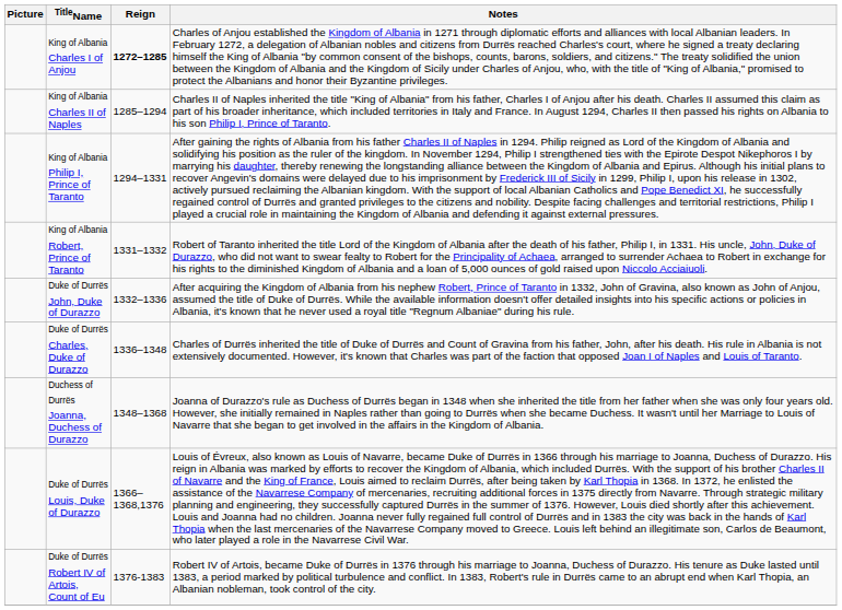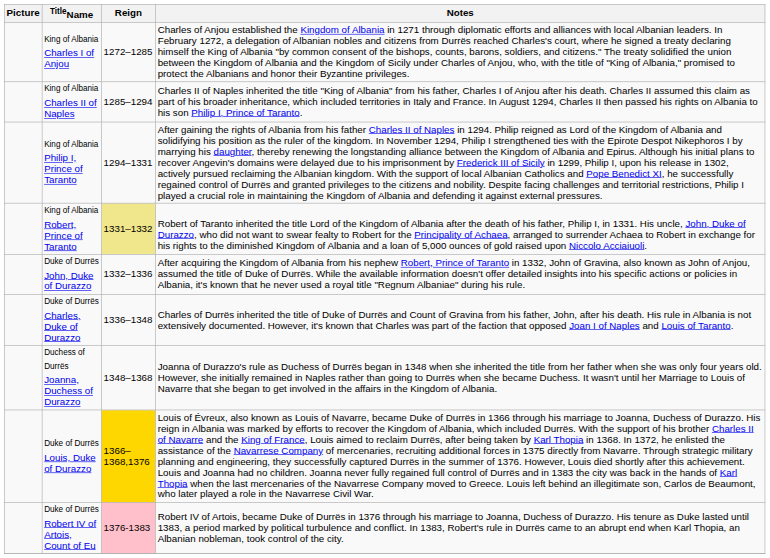 <table class="wikitable">
 <tr ->
 <th>Picture</th>
 <th><sup>Title</sup>Name</th>
 <th>Reign</th>
 <th>Notes</th>
 </tr>
 <tr ->
 <td></td>
 <td><sup>King of Albania</sup><br><a href='#'>Charles I of Anjou</a></td>
-<td><strong>1272–1285</strong></td>
+<td>1272–1285</td>
 <td>Charles of Anjou established the <a href='#'>Kingdom of Albania</a> in 1271 through diplomatic efforts and alliances with local Albanian leaders. In February 1272, a delegation of Albanian nobles and citizens from Durrës reached Charles's court, where he signed a treaty declaring himself the King of Albania "by common consent of the bishops, counts, barons, soldiers, and citizens." The treaty solidified the union between the Kingdom of Albania and the Kingdom of Sicily under Charles of Anjou, who, with the title of "King of Albania," promised to protect the Albanians and honor their Byzantine privileges.</td>
 </tr>
 <tr ->
 <td></td>
 <td><sup> King of Albania</sup><br><a href='#'>Charles II of Naples</a></td>
 <td>1285–1294</td>
 <td>Charles II of Naples inherited the title "King of Albania" from his father, Charles I of Anjou after his death. Charles II assumed this claim as part of his broader inheritance, which included territories in Italy and France. In August 1294, Charles II then passed his rights on Albania to his son <a href='#'>Philip I, Prince of Taranto</a>.</td>
 </tr>
 <tr ->
 <td></td>
 <td><sup>King of Albania</sup><br><a href='#'>Philip I, Prince of Taranto</a></td>
 <td>1294–1331</td>
 <td>After gaining the rights of Albania from his father <a href='#'>Charles II of Naples</a> in 1294. Philip reigned as Lord of the Kingdom of Albania and solidifying his position as the ruler of the kingdom.  In November 1294, Philip I strengthened ties with the Epirote Despot Nikephoros I by marrying his <a href='#'>daughter</a>, thereby renewing the longstanding alliance between the Kingdom of Albania and Epirus. Although his initial plans to recover Angevin's domains were delayed due to his imprisonment by <a href='#'>Frederick III of Sicily</a> in 1299, Philip I, upon his release in 1302, actively pursued reclaiming the Albanian kingdom. With the support of local Albanian Catholics and <a href='#'>Pope Benedict XI</a>, he successfully regained control of Durrës and granted privileges to the citizens and nobility. Despite facing challenges and territorial restrictions, Philip I played a crucial role in maintaining the Kingdom of Albania and defending it against external pressures.</td>
 </tr>
 <tr ->
 <td></td>
 <td><sup>King of Albania</sup><br><a href='#'>Robert, Prince of Taranto</a></td>
-<td>1331–1332</td>
+<td style="background: khaki;">1331–1332</td>
 <td><br>Robert of Taranto inherited the title Lord of the Kingdom of Albania after the death of his father, Philip I, in 1331. His uncle, <a href='#'>John, Duke of Durazzo</a>, who did not want to swear fealty to Robert for the <a href='#'>Principality of Achaea</a>, arranged to surrender Achaea to Robert in exchange for his rights to the diminished Kingdom of Albania and a loan of 5,000 ounces of gold raised upon <a href='#'>Niccolo Acciaiuoli</a>.</td>
 </tr>
 <tr ->
 <td></td>
 <td><sup> Duke of Durrës</sup><br><a href='#'>John, Duke of Durazzo</a></td>
 <td>1332–1336</td>
 <td>After acquiring the Kingdom of Albania from his nephew <a href='#'>Robert, Prince of Taranto</a> in 1332, John of Gravina, also known as John of Anjou, assumed the title of Duke of Durrës. While the available information doesn't offer detailed insights into his specific actions or policies in Albania, it's known that he never used a royal title "Regnum Albaniae" during his rule.</td>
 </tr>
 <tr ->
 <td></td>
 <td><sup>Duke of Durrës</sup><br><a href='#'>Charles, Duke of Durazzo</a></td>
 <td>1336–1348</td>
 <td>Charles of Durrës inherited the title of Duke of Durrës and Count of Gravina from his father, John, after his death. His rule in Albania is not extensively documented. However, it's known that Charles was part of the faction that opposed <a href='#'>Joan I of Naples</a> and <a href='#'>Louis of Taranto</a>.</td>
 </tr>
 <tr ->
 <td></td>
 <td><sup>Duchess of Durrës</sup><br><a href='#'>Joanna, Duchess of Durazzo</a></td>
 <td>1348–1368</td>
 <td>Joanna of Durazzo's rule as Duchess of Durrës began in 1348 when she inherited the title from her father when she was only four years old. However, she initially remained in Naples rather than going to Durrës when she became Duchess. It wasn't until her Marriage to Louis of Navarre that she began to get involved in the affairs in the Kingdom of Albania.</td>
 </tr>
 <tr ->
 <td></td>
 <td><sup>Duke of Durrës</sup><br><a href='#'>Louis, Duke of Durazzo</a></td>
-<td>1366–1368,1376</td>
+<td style="background: gold;">1366–1368,1376</td>
 <td>Louis of Évreux, also known as Louis of Navarre, became Duke of Durrës in 1366 through his marriage to Joanna, Duchess of Durazzo. His reign in Albania was marked by efforts to recover the Kingdom of Albania, which included Durrës. With the support of his brother <a href='#'>Charles II of Navarre</a> and the <a href='#'>King of France</a>, Louis aimed to reclaim Durrës, after being taken by <a href='#'>Karl Thopia</a> in 1368. In 1372, he enlisted the assistance of the <a href='#'>Navarrese Company</a> of mercenaries, recruiting additional forces in 1375 directly from Navarre. Through strategic military planning and engineering, they successfully captured Durrës in the summer of 1376. However, Louis died shortly after this achievement. Louis and Joanna had no children. Joanna never fully regained full control of Durrës and in 1383 the city was back in the hands of <a href='#'>Karl Thopia</a> when the last mercenaries of the Navarrese Company moved to Greece. Louis left behind an illegitimate son, Carlos de Beaumont, who later played a role in the Navarrese Civil War.</td>
 </tr>
 <tr ->
 <td></td>
 <td><sup>Duke of Durrës</sup><br><a href='#'>Robert IV of Artois, Count of Eu</a></td>
-<td>1376-1383</td>
+<td style="background: pink;">1376-1383</td>
 <td>Robert IV of Artois, became Duke of Durrës in 1376 through his marriage to Joanna, Duchess of Durazzo. His tenure as Duke lasted until 1383, a period marked by political turbulence and conflict. In 1383, Robert's rule in Durrës came to an abrupt end when Karl Thopia, an Albanian nobleman, took control of the city.</td>
 </tr>
 <tr ->
 </tr>
 </table>
